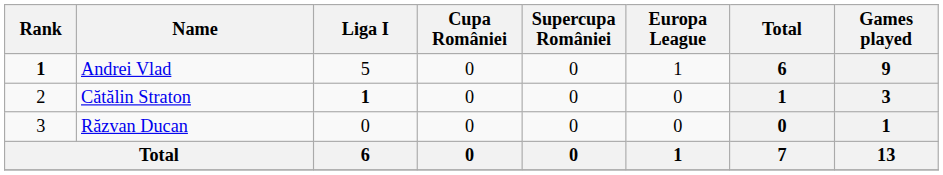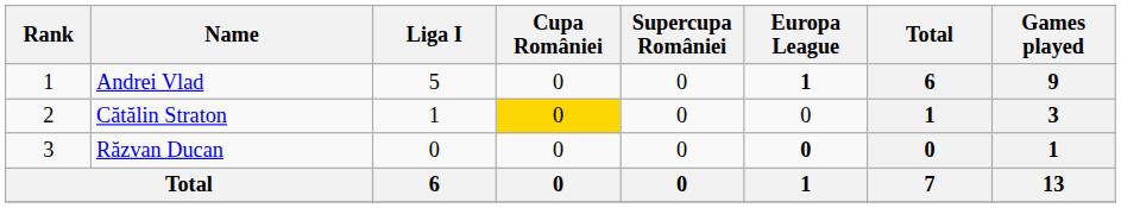 <table class="wikitable" style="text-align:center;">
 <tr>
 <th style="width:56px;">Rank</th>
 <th style="width:200px;">Name</th>
 <th style="width:84px;">Liga I</th>
 <th style="width:84px;">Cupa României</th>
 <th style="width:84px;">Supercupa României</th>
 <th style="width:84px;">Europa League</th>
 <th style="width:84px;">Total</th>
 <th style="width:84px;">Games played</th>
 </tr>
 <tr>
-<td><strong>1</strong></td>
+<td>1</td>
 <td align="left"> <a href='#'>Andrei Vlad</a></td>
 <td>5</td>
 <td>0</td>
 <td>0</td>
-<td>1</td>
+<td><strong>1</strong></td>
 <th>6</th>
 <th>9</th>
 </tr>
 <tr>
 <td>2</td>
 <td align="left"> <a href='#'>Cătălin Straton</a></td>
-<td><strong>1</strong></td>
-<td>0</td>
+<td>1</td>
+<td style="background: gold;">0</td>
 <td>0</td>
 <td>0</td>
 <th>1</th>
 <th>3</th>
 </tr>
 <tr>
 <td>3</td>
 <td align="left"> <a href='#'>Răzvan Ducan</a></td>
 <td>0</td>
 <td>0</td>
 <td>0</td>
-<td>0</td>
+<td><strong>0</strong></td>
 <th>0</th>
 <th>1</th>
 </tr>
 <tr>
 <th colspan="2">Total</th>
 <th>6</th>
 <th>0</th>
 <th>0</th>
 <th>1</th>
 <th>7</th>
 <th>13</th>
 </tr>
 <tr>
 </tr>
 </table>
